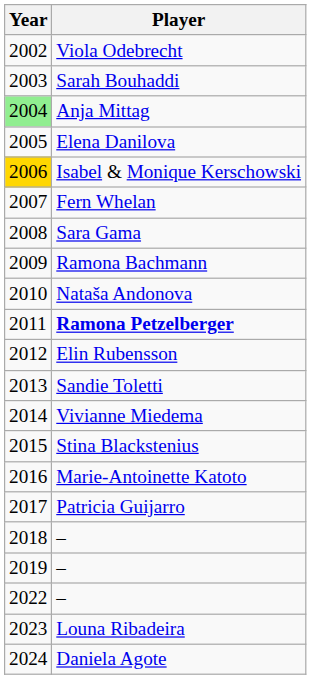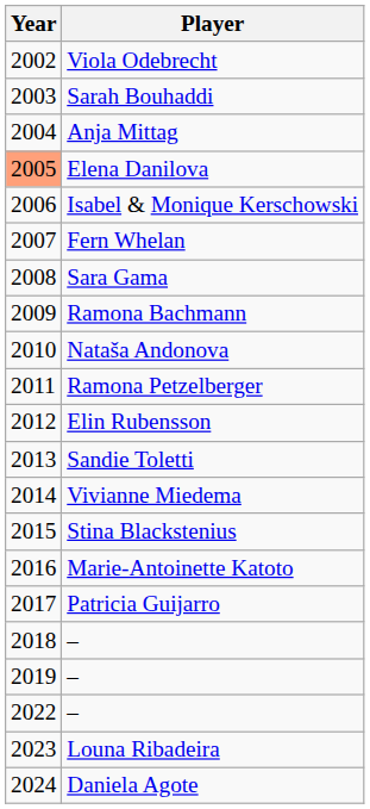 <table class="wikitable">
 <tr>
 <th>Year</th>
 <th>Player</th>
 </tr>
 <tr>
 <td>2002</td>
 <td> <a href='#'>Viola Odebrecht</a></td>
 </tr>
 <tr>
 <td>2003</td>
 <td> <a href='#'>Sarah Bouhaddi</a></td>
 </tr>
 <tr>
-<td style="background: lightgreen;">2004</td>
+<td>2004</td>
 <td> <a href='#'>Anja Mittag</a></td>
 </tr>
 <tr>
-<td>2005</td>
+<td style="background: lightsalmon;">2005</td>
 <td> <a href='#'>Elena Danilova</a></td>
 </tr>
 <tr>
-<td style="background: gold;">2006</td>
+<td>2006</td>
 <td> <a href='#'>Isabel</a> & <a href='#'>Monique Kerschowski</a></td>
 </tr>
 <tr>
 <td>2007</td>
 <td> <a href='#'>Fern Whelan</a></td>
 </tr>
 <tr>
 <td>2008</td>
 <td> <a href='#'>Sara Gama</a></td>
 </tr>
 <tr>
 <td>2009</td>
 <td> <a href='#'>Ramona Bachmann</a></td>
 </tr>
 <tr>
 <td>2010</td>
 <td> <a href='#'>Nataša Andonova</a></td>
 </tr>
 <tr>
 <td>2011</td>
-<td><strong> <a href='#'>Ramona Petzelberger</a></strong></td>
+<td> <a href='#'>Ramona Petzelberger</a></td>
 </tr>
 <tr>
 <td>2012</td>
 <td> <a href='#'>Elin Rubensson</a></td>
 </tr>
 <tr>
 <td>2013</td>
 <td> <a href='#'>Sandie Toletti</a></td>
 </tr>
 <tr>
 <td>2014</td>
 <td> <a href='#'>Vivianne Miedema</a></td>
 </tr>
 <tr>
 <td>2015</td>
 <td> <a href='#'>Stina Blackstenius</a></td>
 </tr>
 <tr>
 <td>2016</td>
 <td> <a href='#'>Marie-Antoinette Katoto</a></td>
 </tr>
 <tr>
 <td>2017</td>
 <td> <a href='#'>Patricia Guijarro</a></td>
 </tr>
 <tr>
 <td>2018</td>
 <td>–</td>
 </tr>
 <tr>
 <td>2019</td>
 <td>–</td>
 </tr>
 <tr>
 <td>2022</td>
 <td>–</td>
 </tr>
 <tr>
 <td>2023</td>
 <td> <a href='#'>Louna Ribadeira</a></td>
 </tr>
 <tr>
 <td>2024</td>
 <td> <a href='#'>Daniela Agote</a></td>
 </tr>
 </table>
